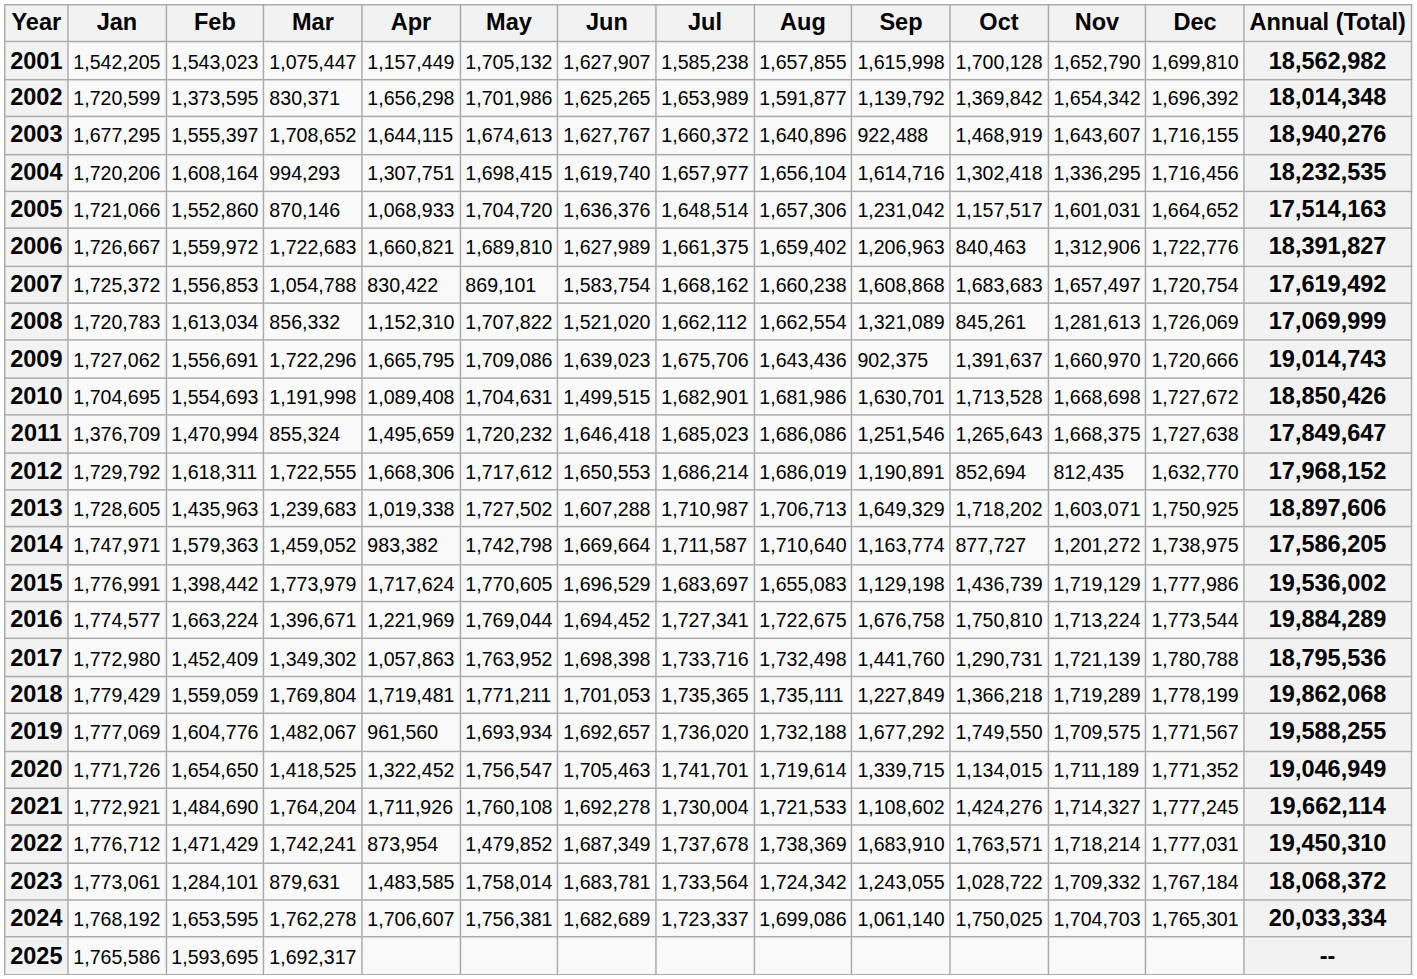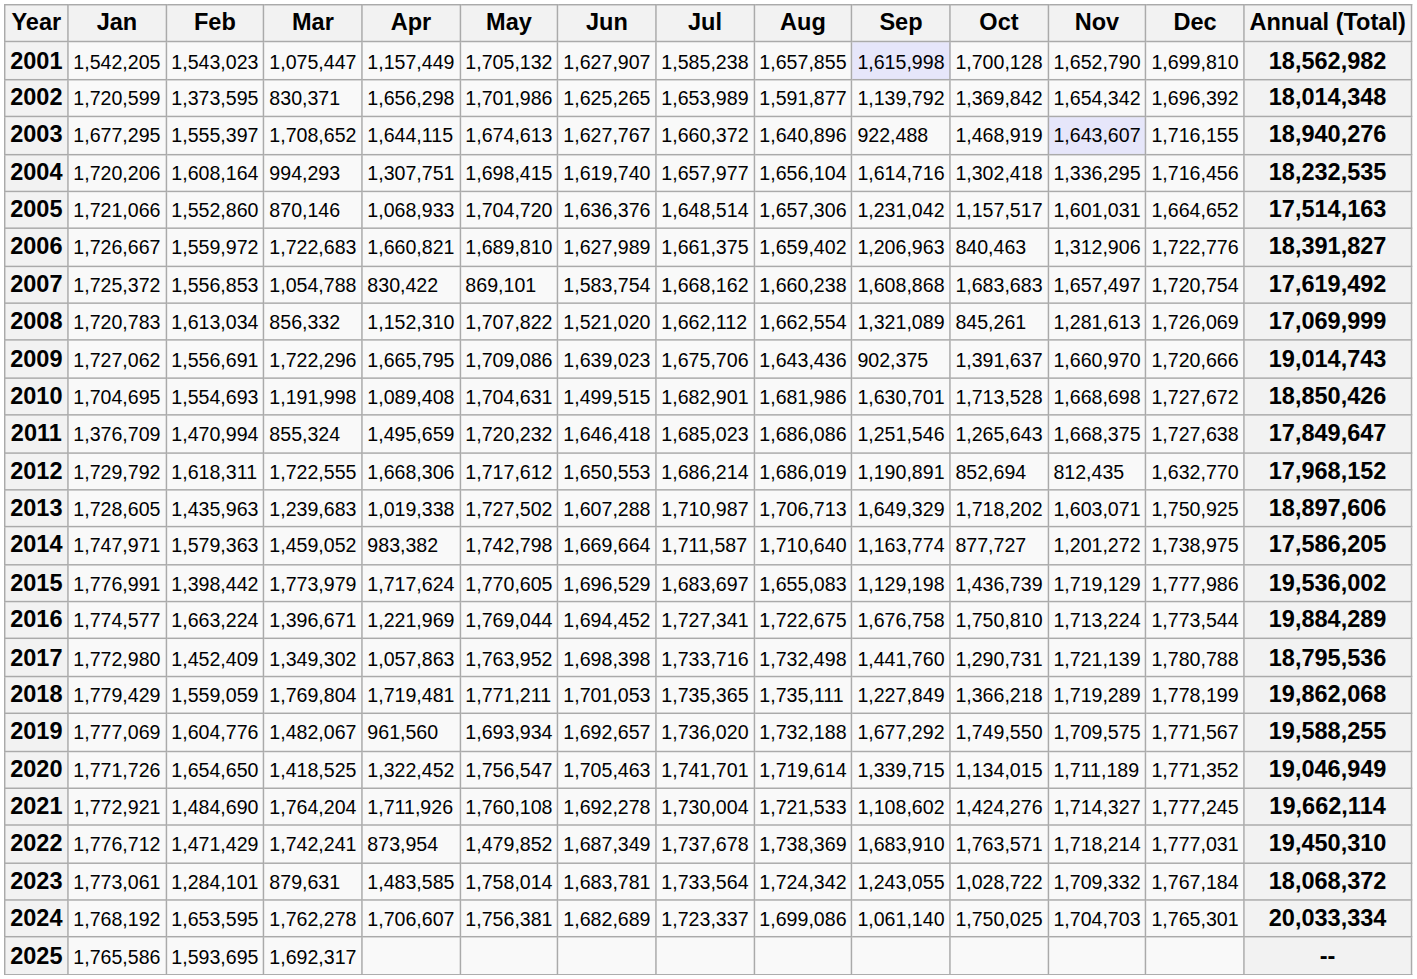 <table class="wikitable">
 <tr>
 <th>Year</th>
 <th>Jan</th>
 <th>Feb</th>
 <th>Mar</th>
 <th>Apr</th>
 <th>May</th>
 <th>Jun</th>
 <th>Jul</th>
 <th>Aug</th>
 <th>Sep</th>
 <th>Oct</th>
 <th>Nov</th>
 <th>Dec</th>
 <th>Annual (Total)</th>
 </tr>
 <tr>
 <th>2001</th>
 <td><small>1,542,205</small></td>
 <td><small>1,543,023</small></td>
 <td><small>1,075,447</small></td>
 <td><small>1,157,449</small></td>
 <td><small>1,705,132</small></td>
 <td><small>1,627,907</small></td>
 <td><small>1,585,238</small></td>
 <td><small>1,657,855</small></td>
-<td><small>1,615,998</small></td>
+<td style="background: lavender;"><small>1,615,998</small></td>
 <td><small>1,700,128</small></td>
 <td><small>1,652,790</small></td>
 <td><small>1,699,810</small></td>
 <th>18,562,982</th>
 </tr>
 <tr>
 <th>2002</th>
 <td><small>1,720,599</small></td>
 <td><small>1,373,595</small></td>
 <td><small>830,371</small></td>
 <td><small>1,656,298</small></td>
 <td><small>1,701,986</small></td>
 <td><small>1,625,265</small></td>
 <td><small>1,653,989</small></td>
 <td><small>1,591,877</small></td>
 <td><small>1,139,792</small></td>
 <td><small>1,369,842</small></td>
 <td><small>1,654,342</small></td>
 <td><small>1,696,392</small></td>
 <th>18,014,348</th>
 </tr>
 <tr>
 <th>2003</th>
 <td><small>1,677,295</small></td>
 <td><small>1,555,397</small></td>
 <td><small>1,708,652</small></td>
 <td><small>1,644,115</small></td>
 <td><small>1,674,613</small></td>
 <td><small>1,627,767</small></td>
 <td><small>1,660,372</small></td>
 <td><small>1,640,896</small></td>
 <td><small>922,488</small></td>
 <td><small>1,468,919</small></td>
-<td><small>1,643,607</small></td>
+<td style="background: lavender;"><small>1,643,607</small></td>
 <td><small>1,716,155</small></td>
 <th>18,940,276</th>
 </tr>
 <tr>
 <th>2004</th>
 <td><small>1,720,206</small></td>
 <td><small>1,608,164</small></td>
 <td><small>994,293</small></td>
 <td><small>1,307,751</small></td>
 <td><small>1,698,415</small></td>
 <td><small>1,619,740</small></td>
 <td><small>1,657,977</small></td>
 <td><small>1,656,104</small></td>
 <td><small>1,614,716</small></td>
 <td><small>1,302,418</small></td>
 <td><small>1,336,295</small></td>
 <td><small>1,716,456</small></td>
 <th>18,232,535</th>
 </tr>
 <tr>
 <th>2005</th>
 <td><small>1,721,066</small></td>
 <td><small>1,552,860</small></td>
 <td><small>870,146</small></td>
 <td><small>1,068,933</small></td>
 <td><small>1,704,720</small></td>
 <td><small>1,636,376</small></td>
 <td><small>1,648,514</small></td>
 <td><small>1,657,306</small></td>
 <td><small>1,231,042</small></td>
 <td><small>1,157,517</small></td>
 <td><small>1,601,031</small></td>
 <td><small>1,664,652</small></td>
 <th>17,514,163</th>
 </tr>
 <tr>
 <th>2006</th>
 <td><small>1,726,667</small></td>
 <td><small>1,559,972</small></td>
 <td><small>1,722,683</small></td>
 <td><small>1,660,821</small></td>
 <td><small>1,689,810</small></td>
 <td><small>1,627,989</small></td>
 <td><small>1,661,375</small></td>
 <td><small>1,659,402</small></td>
 <td><small>1,206,963</small></td>
 <td><small>840,463</small></td>
 <td><small>1,312,906</small></td>
 <td><small>1,722,776</small></td>
 <th>18,391,827</th>
 </tr>
 <tr>
 <th>2007</th>
 <td><small>1,725,372</small></td>
 <td><small>1,556,853</small></td>
 <td><small>1,054,788</small></td>
 <td><small>830,422</small></td>
 <td><small>869,101</small></td>
 <td><small>1,583,754</small></td>
 <td><small>1,668,162</small></td>
 <td><small>1,660,238</small></td>
 <td><small>1,608,868</small></td>
 <td><small>1,683,683</small></td>
 <td><small>1,657,497</small></td>
 <td><small>1,720,754</small></td>
 <th>17,619,492</th>
 </tr>
 <tr>
 <th>2008</th>
 <td><small>1,720,783</small></td>
 <td><small>1,613,034</small></td>
 <td><small>856,332</small></td>
 <td><small>1,152,310</small></td>
 <td><small>1,707,822</small></td>
 <td><small>1,521,020</small></td>
 <td><small>1,662,112</small></td>
 <td><small>1,662,554</small></td>
 <td><small>1,321,089</small></td>
 <td><small>845,261</small></td>
 <td><small>1,281,613</small></td>
 <td><small>1,726,069</small></td>
 <th>17,069,999</th>
 </tr>
 <tr>
 <th>2009</th>
 <td><small>1,727,062</small></td>
 <td><small>1,556,691</small></td>
 <td><small>1,722,296</small></td>
 <td><small>1,665,795</small></td>
 <td><small>1,709,086</small></td>
 <td><small>1,639,023</small></td>
 <td><small>1,675,706</small></td>
 <td><small>1,643,436</small></td>
 <td><small>902,375</small></td>
 <td><small>1,391,637</small></td>
 <td><small>1,660,970</small></td>
 <td><small>1,720,666</small></td>
 <th>19,014,743</th>
 </tr>
 <tr>
 <th>2010</th>
 <td><small>1,704,695</small></td>
 <td><small>1,554,693</small></td>
 <td><small>1,191,998</small></td>
 <td><small>1,089,408</small></td>
 <td><small>1,704,631</small></td>
 <td><small>1,499,515</small></td>
 <td><small>1,682,901</small></td>
 <td><small>1,681,986</small></td>
 <td><small>1,630,701</small></td>
 <td><small>1,713,528</small></td>
 <td><small>1,668,698</small></td>
 <td><small>1,727,672</small></td>
 <th>18,850,426</th>
 </tr>
 <tr>
 <th>2011</th>
 <td><small>1,376,709</small></td>
 <td><small>1,470,994</small></td>
 <td><small>855,324</small></td>
 <td><small>1,495,659</small></td>
 <td><small>1,720,232</small></td>
 <td><small>1,646,418</small></td>
 <td><small>1,685,023</small></td>
 <td><small>1,686,086</small></td>
 <td><small>1,251,546</small></td>
 <td><small>1,265,643</small></td>
 <td><small>1,668,375</small></td>
 <td><small>1,727,638</small></td>
 <th>17,849,647</th>
 </tr>
 <tr>
 <th>2012</th>
 <td><small>1,729,792</small></td>
 <td><small>1,618,311</small></td>
 <td><small>1,722,555</small></td>
 <td><small>1,668,306</small></td>
 <td><small>1,717,612</small></td>
 <td><small>1,650,553</small></td>
 <td><small>1,686,214</small></td>
 <td><small>1,686,019</small></td>
 <td><small>1,190,891</small></td>
 <td><small>852,694</small></td>
 <td><small>812,435</small></td>
 <td><small>1,632,770</small></td>
 <th>17,968,152</th>
 </tr>
 <tr>
 <th>2013</th>
 <td><small>1,728,605</small></td>
 <td><small>1,435,963</small></td>
 <td><small>1,239,683</small></td>
 <td><small>1,019,338</small></td>
 <td><small>1,727,502</small></td>
 <td><small>1,607,288</small></td>
 <td><small>1,710,987</small></td>
 <td><small>1,706,713</small></td>
 <td><small>1,649,329</small></td>
 <td><small>1,718,202</small></td>
 <td><small>1,603,071</small></td>
 <td><small>1,750,925</small></td>
 <th>18,897,606</th>
 </tr>
 <tr>
 <th>2014</th>
 <td><small>1,747,971</small></td>
 <td><small>1,579,363</small></td>
 <td><small>1,459,052</small></td>
 <td><small>983,382</small></td>
 <td><small>1,742,798</small></td>
 <td><small>1,669,664</small></td>
 <td><small>1,711,587</small></td>
 <td><small>1,710,640</small></td>
 <td><small>1,163,774</small></td>
 <td><small>877,727</small></td>
 <td><small>1,201,272</small></td>
 <td><small>1,738,975</small></td>
 <th>17,586,205</th>
 </tr>
 <tr>
 <th>2015</th>
 <td><small>1,776,991</small></td>
 <td><small>1,398,442</small></td>
 <td><small>1,773,979</small></td>
 <td><small>1,717,624</small></td>
 <td><small>1,770,605</small></td>
 <td><small>1,696,529</small></td>
 <td><small>1,683,697</small></td>
 <td><small>1,655,083</small></td>
 <td><small>1,129,198</small></td>
 <td><small>1,436,739</small></td>
 <td><small>1,719,129</small></td>
 <td><small>1,777,986</small></td>
 <th>19,536,002</th>
 </tr>
 <tr>
 <th>2016</th>
 <td><small>1,774,577</small></td>
 <td><small>1,663,224</small></td>
 <td><small>1,396,671</small></td>
 <td><small>1,221,969</small></td>
 <td><small>1,769,044</small></td>
 <td><small>1,694,452</small></td>
 <td><small>1,727,341</small></td>
 <td><small>1,722,675</small></td>
 <td><small>1,676,758</small></td>
 <td><small>1,750,810</small></td>
 <td><small>1,713,224</small></td>
 <td><small>1,773,544</small></td>
 <th>19,884,289</th>
 </tr>
 <tr>
 <th>2017</th>
 <td><small>1,772,980</small></td>
 <td><small>1,452,409</small></td>
 <td><small>1,349,302</small></td>
 <td><small>1,057,863</small></td>
 <td><small>1,763,952</small></td>
 <td><small>1,698,398</small></td>
 <td><small>1,733,716</small></td>
 <td><small>1,732,498</small></td>
 <td><small>1,441,760</small></td>
 <td><small>1,290,731</small></td>
 <td><small>1,721,139</small></td>
 <td><small>1,780,788</small></td>
 <th>18,795,536</th>
 </tr>
 <tr>
 <th>2018</th>
 <td><small>1,779,429</small></td>
 <td><small>1,559,059</small></td>
 <td><small>1,769,804</small></td>
 <td><small>1,719,481</small></td>
 <td><small>1,771,211</small></td>
 <td><small>1,701,053</small></td>
 <td><small>1,735,365</small></td>
 <td><small>1,735,111</small></td>
 <td><small>1,227,849</small></td>
 <td><small>1,366,218</small></td>
 <td><small>1,719,289</small></td>
 <td><small>1,778,199</small></td>
 <th>19,862,068</th>
 </tr>
 <tr>
 <th>2019</th>
 <td><small>1,777,069</small></td>
 <td><small>1,604,776</small></td>
 <td><small>1,482,067</small></td>
 <td><small>961,560</small></td>
 <td><small>1,693,934</small></td>
 <td><small>1,692,657</small></td>
 <td><small>1,736,020</small></td>
 <td><small>1,732,188</small></td>
 <td><small>1,677,292</small></td>
 <td><small>1,749,550</small></td>
 <td><small>1,709,575</small></td>
 <td><small>1,771,567</small></td>
 <th>19,588,255</th>
 </tr>
 <tr>
 <th>2020</th>
 <td><small>1,771,726</small></td>
 <td><small>1,654,650</small></td>
 <td><small>1,418,525</small></td>
 <td><small>1,322,452</small></td>
 <td><small>1,756,547</small></td>
 <td><small>1,705,463</small></td>
 <td><small>1,741,701</small></td>
 <td><small>1,719,614</small></td>
 <td><small>1,339,715</small></td>
 <td><small>1,134,015</small></td>
 <td><small>1,711,189</small></td>
 <td><small>1,771,352</small></td>
 <th>19,046,949</th>
 </tr>
 <tr>
 <th>2021</th>
 <td><small>1,772,921</small></td>
 <td><small>1,484,690</small></td>
 <td><small>1,764,204</small></td>
 <td><small>1,711,926</small></td>
 <td><small>1,760,108</small></td>
 <td><small>1,692,278</small></td>
 <td><small>1,730,004</small></td>
 <td><small>1,721,533</small></td>
 <td><small>1,108,602</small></td>
 <td><small>1,424,276</small></td>
 <td><small>1,714,327</small></td>
 <td><small>1,777,245</small></td>
 <th>19,662,114</th>
 </tr>
 <tr>
 <th>2022</th>
 <td><small>1,776,712</small></td>
 <td><small>1,471,429</small></td>
 <td><small>1,742,241</small></td>
 <td><small>873,954</small></td>
 <td><small>1,479,852</small></td>
 <td><small>1,687,349</small></td>
 <td><small>1,737,678</small></td>
 <td><small>1,738,369</small></td>
 <td><small>1,683,910</small></td>
 <td><small>1,763,571</small></td>
 <td><small>1,718,214</small></td>
 <td><small>1,777,031</small></td>
 <th>19,450,310</th>
 </tr>
 <tr>
 <th>2023</th>
 <td><small>1,773,061</small></td>
 <td><small>1,284,101</small></td>
 <td><small>879,631</small></td>
 <td><small>1,483,585</small></td>
 <td><small>1,758,014</small></td>
 <td><small>1,683,781</small></td>
 <td><small>1,733,564</small></td>
 <td><small>1,724,342</small></td>
 <td><small>1,243,055</small></td>
 <td><small>1,028,722</small></td>
 <td><small>1,709,332</small></td>
 <td><small>1,767,184</small></td>
 <th>18,068,372</th>
 </tr>
 <tr>
 <th>2024</th>
 <td><small>1,768,192</small></td>
 <td><small>1,653,595</small></td>
 <td><small>1,762,278</small></td>
 <td><small>1,706,607</small></td>
 <td><small>1,756,381</small></td>
 <td><small>1,682,689</small></td>
 <td><small>1,723,337</small></td>
 <td><small>1,699,086</small></td>
 <td><small>1,061,140</small></td>
 <td><small>1,750,025</small></td>
 <td><small>1,704,703</small></td>
 <td><small>1,765,301</small></td>
 <th>20,033,334</th>
 </tr>
 <tr>
 <th>2025</th>
 <td><small>1,765,586</small></td>
 <td><small>1,593,695</small></td>
 <td><small>1,692,317</small></td>
 <td><small></small></td>
 <td><small></small></td>
 <td><small></small></td>
 <td><small></small></td>
 <td><small></small></td>
 <td><small></small></td>
 <td><small></small></td>
 <td><small></small></td>
 <td><small></small></td>
 <th>--</th>
 </tr>
 <tr>
 </tr>
 </table>
